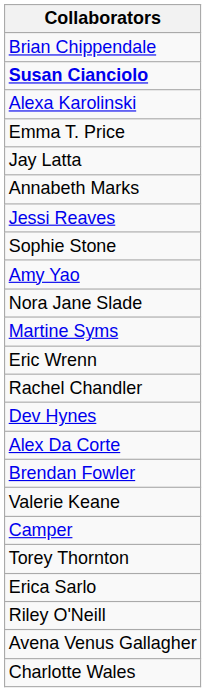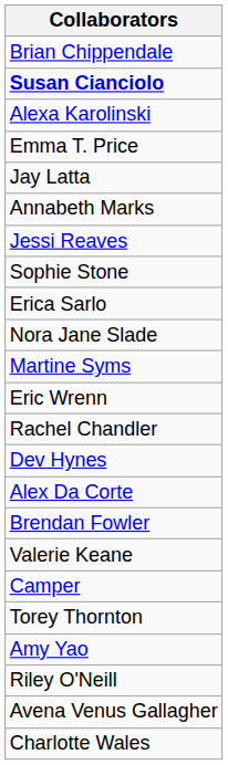 <table class="wikitable">
 <tr>
 <th>Collaborators</th>
 </tr>
 <tr>
 <td><a href='#'>Brian Chippendale</a></td>
 </tr>
 <tr>
 <td><strong><a href='#'>Susan Cianciolo</a></strong></td>
 </tr>
 <tr>
 <td><a href='#'>Alexa Karolinski</a></td>
 </tr>
 <tr>
 <td>Emma T. Price</td>
 </tr>
 <tr>
 <td>Jay Latta</td>
 </tr>
 <tr>
 <td>Annabeth Marks</td>
 </tr>
 <tr>
 <td><a href='#'>Jessi Reaves</a></td>
 </tr>
 <tr>
 <td>Sophie Stone</td>
 </tr>
 <tr>
-<td><a href='#'>Amy Yao</a></td>
+<td>Erica Sarlo</td>
 </tr>
 <tr>
 <td>Nora Jane Slade</td>
 </tr>
 <tr>
 <td><a href='#'>Martine Syms</a></td>
 </tr>
 <tr>
 <td>Eric Wrenn</td>
 </tr>
 <tr>
 <td>Rachel Chandler</td>
 </tr>
 <tr>
 <td><a href='#'>Dev Hynes</a></td>
 </tr>
 <tr>
 <td><a href='#'>Alex Da Corte</a></td>
 </tr>
 <tr>
 <td><a href='#'>Brendan Fowler</a></td>
 </tr>
 <tr>
 <td>Valerie Keane</td>
 </tr>
 <tr>
 <td><a href='#'>Camper</a></td>
 </tr>
 <tr>
 <td>Torey Thornton</td>
 </tr>
 <tr>
-<td>Erica Sarlo</td>
+<td><a href='#'>Amy Yao</a></td>
 </tr>
 <tr>
 <td>Riley O'Neill</td>
 </tr>
 <tr>
 <td>Avena Venus Gallagher</td>
 </tr>
 <tr>
 <td>Charlotte Wales</td>
 </tr>
 </table>
